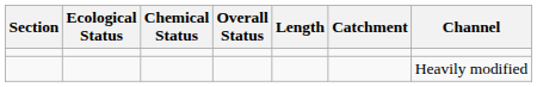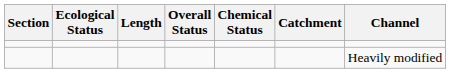 <table class="wikitable">
 <tr>
 <th>Section</th>
 <th>Ecological<br>Status</th>
+<th>Length</th>
+<th>Overall<br>Status</th>
 <th>Chemical<br>Status</th>
-<th>Overall<br>Status</th>
-<th>Length</th>
 <th>Catchment</th>
 <th>Channel</th>
 </tr>
 <tr>
 <td></td>
 <td></td>
 <td></td>
 <td></td>
 <td></td>
 <td></td>
 <td></td>
 </tr>
 <tr>
 <td></td>
 <td></td>
 <td></td>
 <td></td>
 <td></td>
 <td></td>
 <td>Heavily modified</td>
 </tr>
 </table>
